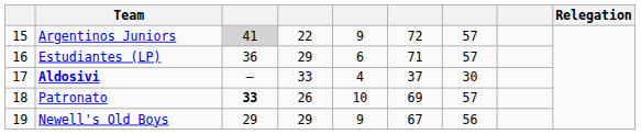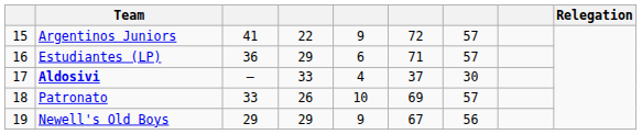 <table class="wikitable sortable" style="text-align: center;">
 <tr>
 <th width=25></th>
 <th width=185>Team</th>
 <th width=50></th>
 <th width=50></th>
 <th width=50></th>
 <th width=50></th>
 <th width=50></th>
 <th width=50></th>
 <th>Relegation</th>
 </tr>
 <tr>
 <td>15</td>
 <td align="left"><a href='#'>Argentinos Juniors</a></td>
-<td style="background: lightgrey;">41</td>
+<td>41</td>
 <td>22</td>
 <td>9</td>
 <td>72</td>
 <td>57</td>
 <td><strong></strong></td>
 </tr>
 <tr>
 <td>16</td>
 <td align="left"><a href='#'>Estudiantes (LP)</a></td>
 <td>36</td>
 <td>29</td>
 <td>6</td>
 <td>71</td>
 <td>57</td>
 <td><strong></strong></td>
 </tr>
 <tr>
 <td>17</td>
 <td align="left"><strong><a href='#'>Aldosivi</a></strong></td>
 <td>—</td>
 <td>33</td>
 <td>4</td>
 <td>37</td>
 <td>30</td>
 <td><strong></strong></td>
 </tr>
 <tr>
 <td>18</td>
 <td align="left"><a href='#'>Patronato</a></td>
-<td><strong>33</strong></td>
+<td>33</td>
 <td>26</td>
 <td>10</td>
 <td>69</td>
 <td>57</td>
 <td><strong></strong></td>
 </tr>
 <tr>
 <td>19</td>
 <td align="left"><a href='#'>Newell's Old Boys</a></td>
 <td>29</td>
 <td>29</td>
 <td>9</td>
 <td>67</td>
 <td>56</td>
 <td><strong></strong></td>
 </tr>
 </table>
